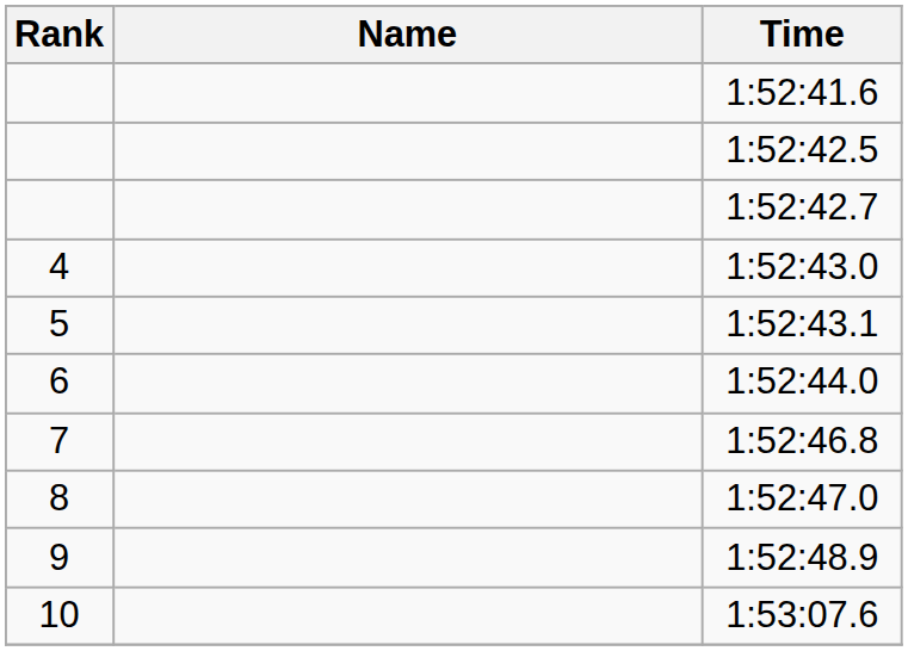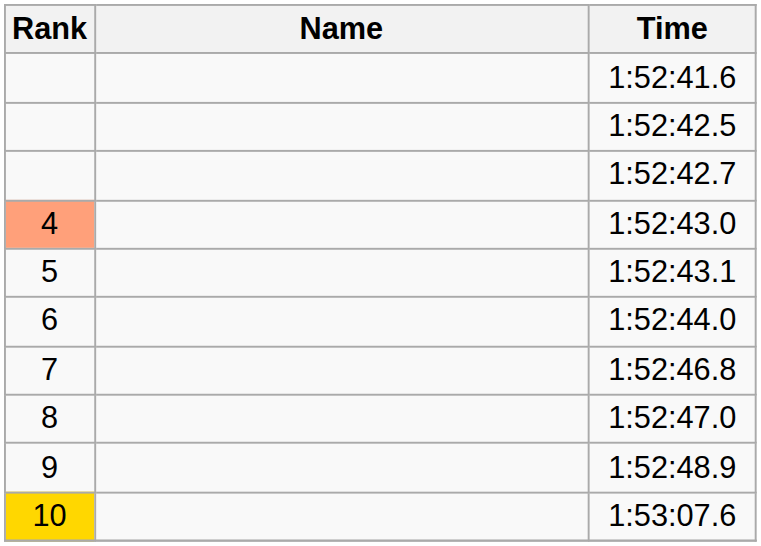 <table class="wikitable" style="text-align:center">
 <tr>
 <th>Rank</th>
 <th width=250>Name</th>
 <th width=80>Time</th>
 </tr>
 <tr>
 <td></td>
 <td align=left></td>
 <td>1:52:41.6</td>
 </tr>
 <tr>
 <td></td>
 <td align=left></td>
 <td>1:52:42.5</td>
 </tr>
 <tr>
 <td></td>
 <td align=left></td>
 <td>1:52:42.7</td>
 </tr>
 <tr>
-<td>4</td>
+<td style="background: lightsalmon;">4</td>
 <td align=left></td>
 <td>1:52:43.0</td>
 </tr>
 <tr>
 <td>5</td>
 <td align=left></td>
 <td>1:52:43.1</td>
 </tr>
 <tr>
 <td>6</td>
 <td align=left></td>
 <td>1:52:44.0</td>
 </tr>
 <tr>
 <td>7</td>
 <td align=left></td>
 <td>1:52:46.8</td>
 </tr>
 <tr>
 <td>8</td>
 <td align=left></td>
 <td>1:52:47.0</td>
 </tr>
 <tr>
 <td>9</td>
 <td align=left></td>
 <td>1:52:48.9</td>
 </tr>
 <tr>
-<td>10</td>
+<td style="background: gold;">10</td>
 <td align=left></td>
 <td>1:53:07.6</td>
 </tr>
 <tr>
 </tr>
 </table>
